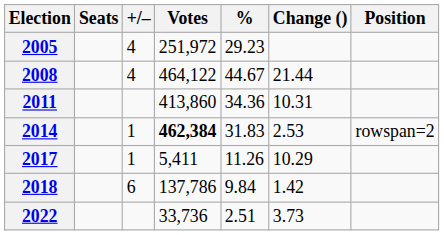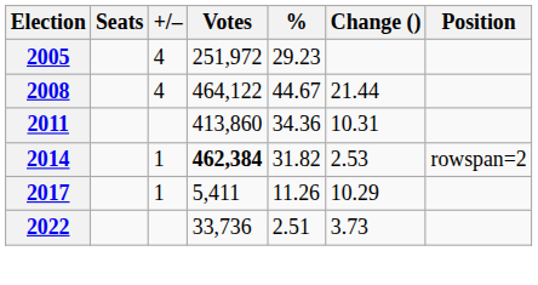 <table class="wikitable sortable">
 <tr>
 <th>Election</th>
 <th>Seats</th>
 <th>+/–</th>
 <th>Votes</th>
 <th>%</th>
 <th>Change (<a href='#'></a>)</th>
 <th>Position</th>
 </tr>
 <tr>
 <th><a href='#'>2005</a></th>
 <td></td>
 <td> 4</td>
 <td>251,972</td>
 <td>29.23</td>
 <td></td>
 <td></td>
 </tr>
 <tr>
 <th><a href='#'>2008</a></th>
 <td></td>
 <td> 4</td>
 <td>464,122</td>
 <td>44.67</td>
 <td> 21.44</td>
 <td></td>
 </tr>
 <tr>
 <th><a href='#'>2011</a></th>
 <td></td>
 <td></td>
 <td>413,860</td>
 <td>34.36</td>
 <td> 10.31</td>
 <td></td>
 </tr>
 <tr>
 <th><a href='#'>2014</a></th>
 <td></td>
 <td> 1</td>
 <td><strong>462,384</strong></td>
-<td>31.83</td>
+<td>31.82</td>
 <td> 2.53</td>
 <td>rowspan=2 </td>
 </tr>
 <tr>
 <th><a href='#'>2017</a></th>
 <td></td>
 <td> 1</td>
 <td>5,411</td>
 <td>11.26</td>
 <td> 10.29</td>
 </tr>
 <tr>
-<th><a href='#'>2018</a></th>
-<td></td>
-<td> 6</td>
-<td>137,786</td>
-<td>9.84</td>
-<td> 1.42</td>
-<td></td>
-</tr>
-<tr>
 <th><a href='#'>2022</a></th>
 <td></td>
 <td></td>
 <td>33,736</td>
 <td>2.51</td>
 <td> 3.73</td>
 <td></td>
 </tr>
 </table>
